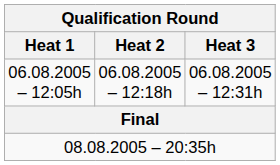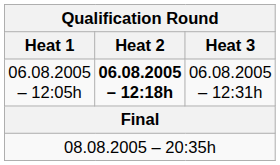 <table class="wikitable" style=" text-align:center; font-size:110%;" width="35%">
 <tr>
 <th colspan="3">Qualification Round</th>
 </tr>
 <tr>
 <th>Heat 1</th>
 <th>Heat 2</th>
 <th>Heat 3</th>
 </tr>
 <tr>
 <td>06.08.2005 – 12:05h</td>
-<td>06.08.2005 – 12:18h</td>
+<td><strong>06.08.2005 – 12:18h</strong></td>
 <td>06.08.2005 – 12:31h</td>
 </tr>
 <tr>
 <th colspan="3">Final</th>
 </tr>
 <tr>
 <td colspan="3">08.08.2005 – 20:35h</td>
 </tr>
 </table>
